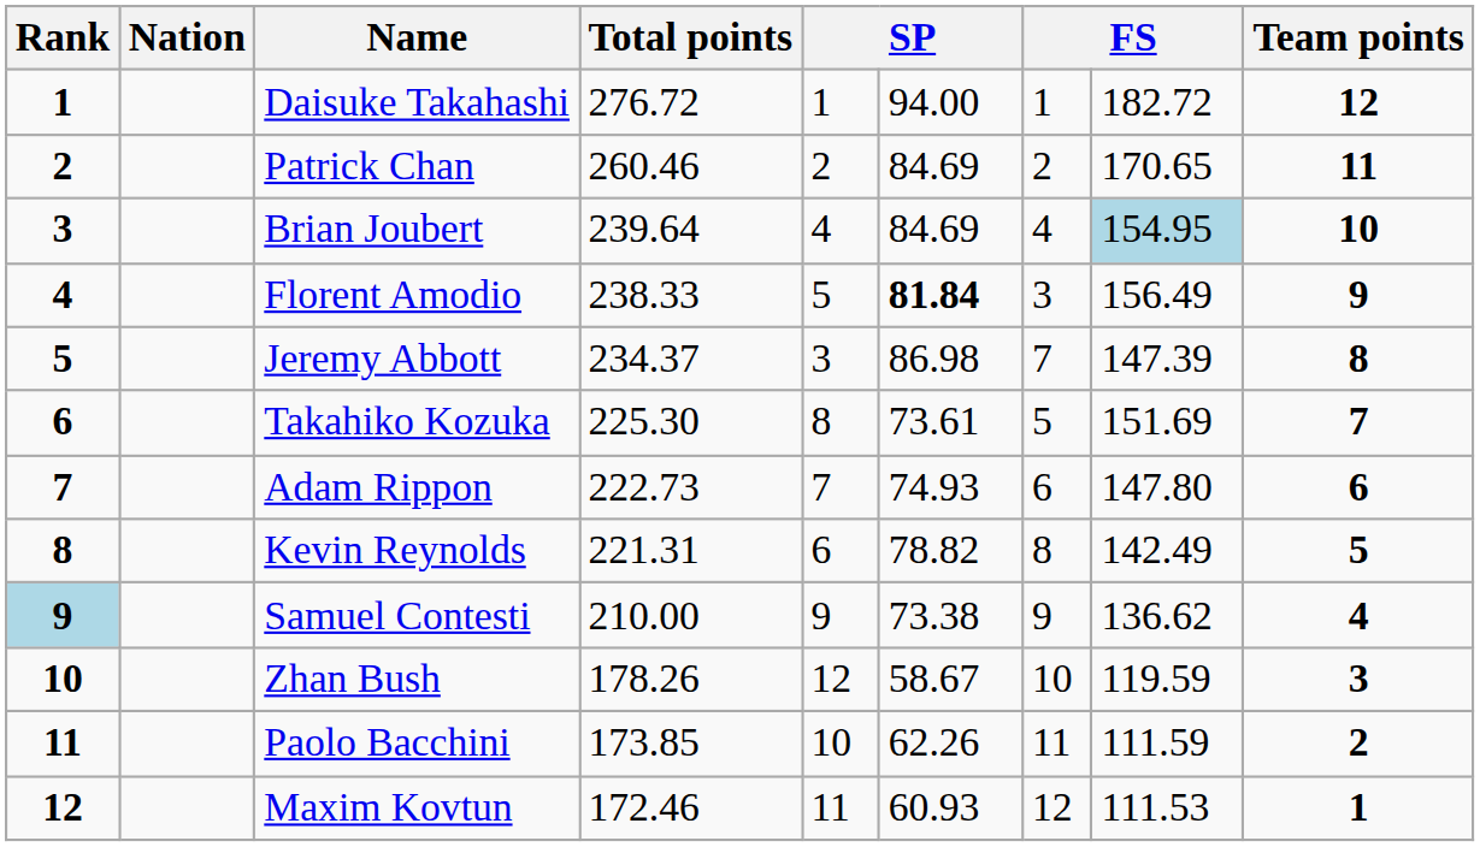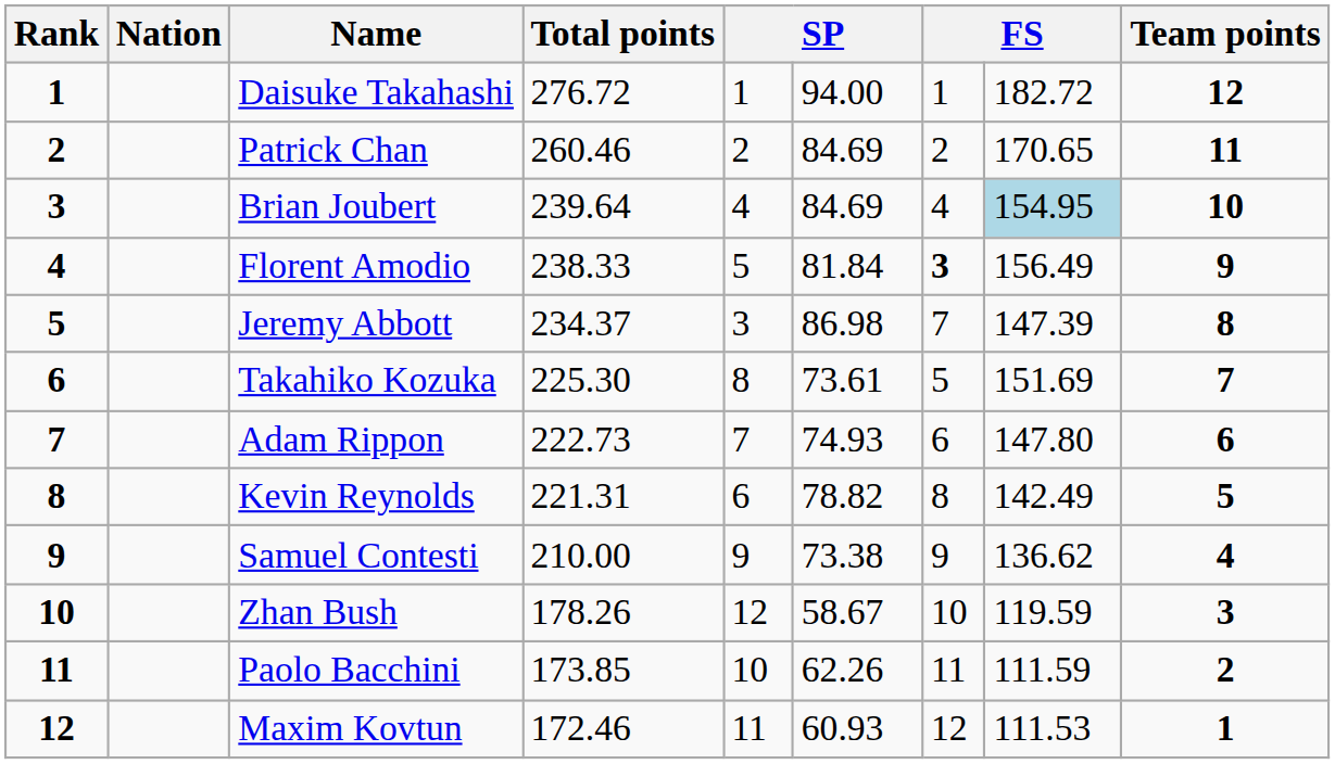 <table class="wikitable sortable">
 <tr>
 <th>Rank</th>
 <th>Nation</th>
 <th>Name</th>
 <th>Total points</th>
 <th colspan="2" width="80px"><a href='#'>SP</a></th>
 <th colspan="2" width="80px"><a href='#'>FS</a></th>
 <th>Team points</th>
 </tr>
 <tr>
 <td align="center"><strong>1</strong></td>
 <td></td>
 <td><a href='#'>Daisuke Takahashi</a></td>
 <td>276.72</td>
 <td>1</td>
 <td>94.00</td>
 <td>1</td>
 <td>182.72</td>
 <td align="center"><strong>12</strong></td>
 </tr>
 <tr>
 <td align="center"><strong>2</strong></td>
 <td></td>
 <td><a href='#'>Patrick Chan</a></td>
 <td>260.46</td>
 <td>2</td>
 <td>84.69</td>
 <td>2</td>
 <td>170.65</td>
 <td align="center"><strong>11</strong></td>
 </tr>
 <tr>
 <td align="center"><strong>3</strong></td>
 <td></td>
 <td><a href='#'>Brian Joubert</a></td>
 <td>239.64</td>
 <td>4</td>
 <td>84.69</td>
 <td>4</td>
 <td style="background: lightblue;">154.95</td>
 <td align="center"><strong>10</strong></td>
 </tr>
 <tr>
 <td align="center"><strong>4</strong></td>
 <td></td>
 <td><a href='#'>Florent Amodio</a></td>
 <td>238.33</td>
 <td>5</td>
-<td><strong>81.84</strong></td>
-<td>3</td>
+<td>81.84</td>
+<td><strong>3</strong></td>
 <td>156.49</td>
 <td align="center"><strong>9</strong></td>
 </tr>
 <tr>
 <td align="center"><strong>5</strong></td>
 <td></td>
 <td><a href='#'>Jeremy Abbott</a></td>
 <td>234.37</td>
 <td>3</td>
 <td>86.98</td>
 <td>7</td>
 <td>147.39</td>
 <td align="center"><strong>8</strong></td>
 </tr>
 <tr>
 <td align="center"><strong>6</strong></td>
 <td></td>
 <td><a href='#'>Takahiko Kozuka</a></td>
 <td>225.30</td>
 <td>8</td>
 <td>73.61</td>
 <td>5</td>
 <td>151.69</td>
 <td align="center"><strong>7</strong></td>
 </tr>
 <tr>
 <td align="center"><strong>7</strong></td>
 <td></td>
 <td><a href='#'>Adam Rippon</a></td>
 <td>222.73</td>
 <td>7</td>
 <td>74.93</td>
 <td>6</td>
 <td>147.80</td>
 <td align="center"><strong>6</strong></td>
 </tr>
 <tr>
 <td align="center"><strong>8</strong></td>
 <td></td>
 <td><a href='#'>Kevin Reynolds</a></td>
 <td>221.31</td>
 <td>6</td>
 <td>78.82</td>
 <td>8</td>
 <td>142.49</td>
 <td align="center"><strong>5</strong></td>
 </tr>
 <tr>
-<td align="center" style="background: lightblue;"><strong>9</strong></td>
+<td align="center"><strong>9</strong></td>
 <td></td>
 <td><a href='#'>Samuel Contesti</a></td>
 <td>210.00</td>
 <td>9</td>
 <td>73.38</td>
 <td>9</td>
 <td>136.62</td>
 <td align="center"><strong>4</strong></td>
 </tr>
 <tr>
 <td align="center"><strong>10</strong></td>
 <td></td>
 <td><a href='#'>Zhan Bush</a></td>
 <td>178.26</td>
 <td>12</td>
 <td>58.67</td>
 <td>10</td>
 <td>119.59</td>
 <td align="center"><strong>3</strong></td>
 </tr>
 <tr>
 <td align="center"><strong>11</strong></td>
 <td></td>
 <td><a href='#'>Paolo Bacchini</a></td>
 <td>173.85</td>
 <td>10</td>
 <td>62.26</td>
 <td>11</td>
 <td>111.59</td>
 <td align="center"><strong>2</strong></td>
 </tr>
 <tr>
 <td align="center"><strong>12</strong></td>
 <td></td>
 <td><a href='#'>Maxim Kovtun</a></td>
 <td>172.46</td>
 <td>11</td>
 <td>60.93</td>
 <td>12</td>
 <td>111.53</td>
 <td align="center"><strong>1</strong></td>
 </tr>
 </table>
